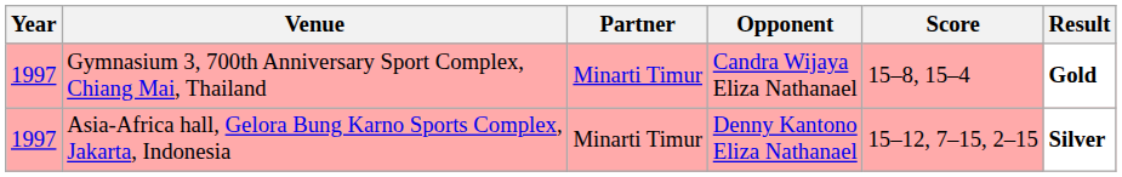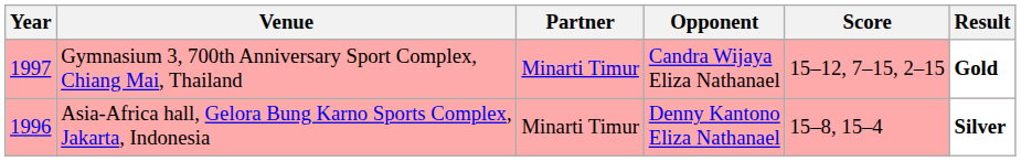 <table class="sortable wikitable" style="font-size: 90%;">
 <tr>
 <th>Year</th>
 <th>Venue</th>
 <th>Partner</th>
 <th>Opponent</th>
 <th>Score</th>
 <th>Result</th>
 </tr>
 <tr style="background:#FFAAAA">
 <td align="center"><a href='#'>1997</a></td>
 <td align="left">Gymnasium 3, 700th Anniversary Sport Complex,<br><a href='#'>Chiang Mai</a>, Thailand</td>
 <td align="left"> <a href='#'>Minarti Timur</a></td>
 <td align="left"> <a href='#'>Candra Wijaya</a><br> Eliza Nathanael</td>
-<td align="left">15–8, 15–4</td>
+<td align="left">15–12, 7–15, 2–15</td>
 <td style="text-align:left; background:white"> <strong>Gold</strong></td>
 </tr>
 <tr style="background:#FFAAAA">
-<td align="center"><a href='#'>1997</a></td>
+<td align="center"><a href='#'>1996</a></td>
 <td align="left">Asia-Africa hall, <a href='#'>Gelora Bung Karno Sports Complex</a>,<br><a href='#'>Jakarta</a>, Indonesia</td>
 <td align="left"> Minarti Timur</td>
 <td align="left"> <a href='#'>Denny Kantono</a><br> <a href='#'>Eliza Nathanael</a></td>
-<td align="left">15–12, 7–15, 2–15</td>
+<td align="left">15–8, 15–4</td>
 <td style="text-align:left; background:white"> <strong>Silver</strong></td>
 </tr>
 </table>
